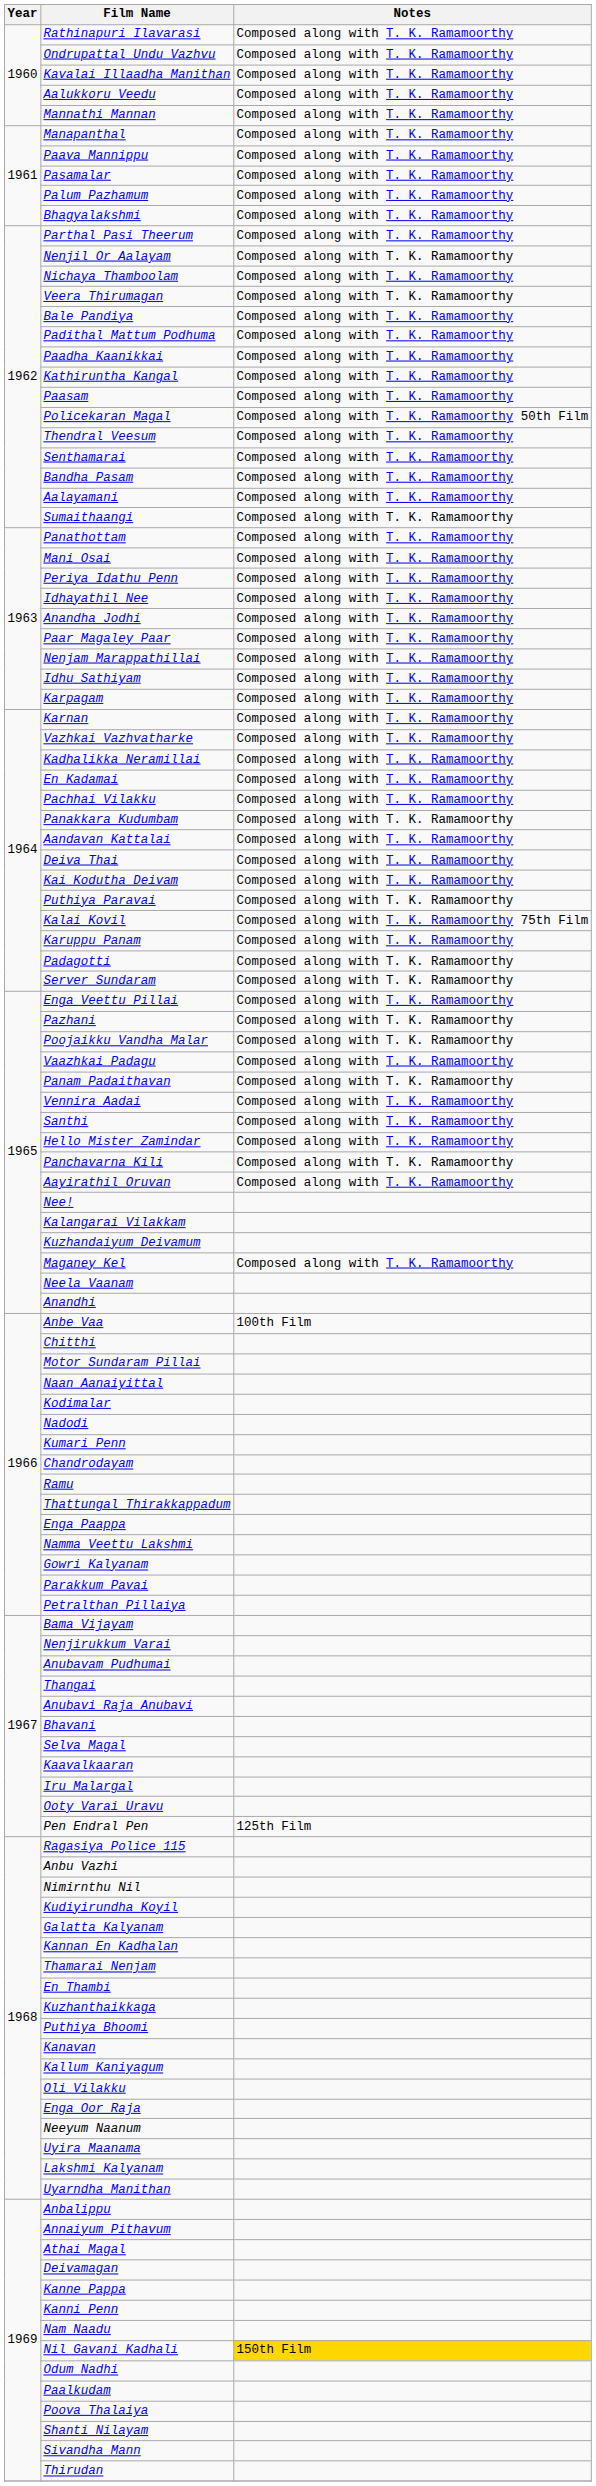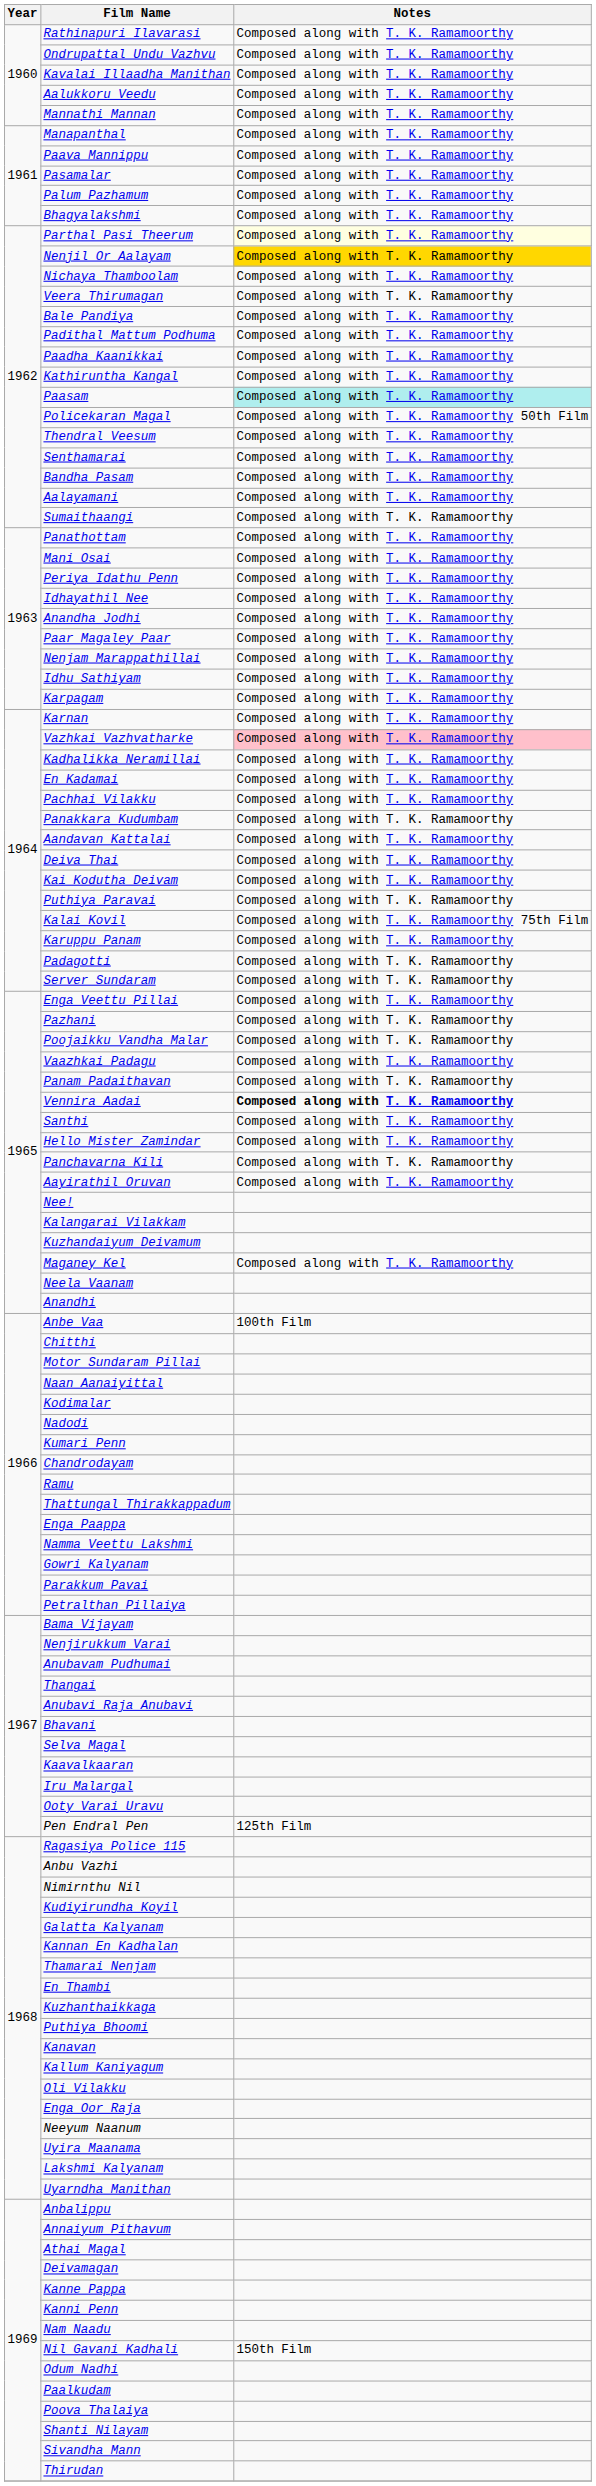 <table class="wikitable sortable" style="font-size:95%;">
 <tr>
 <th>Year</th>
 <th>Film Name</th>
 <th>Notes</th>
 </tr>
 <tr>
 <td rowspan="5">1960</td>
 <td><em><a href='#'>Rathinapuri Ilavarasi</a></em></td>
 <td>Composed along with <a href='#'>T. K. Ramamoorthy</a></td>
 </tr>
 <tr>
 <td><em><a href='#'>Ondrupattal Undu Vazhvu</a></em></td>
 <td>Composed along with <a href='#'>T. K. Ramamoorthy</a></td>
 </tr>
 <tr>
 <td><em><a href='#'>Kavalai Illaadha Manithan</a></em></td>
 <td>Composed along with <a href='#'>T. K. Ramamoorthy</a></td>
 </tr>
 <tr>
 <td><em><a href='#'>Aalukkoru Veedu</a></em></td>
 <td>Composed along with <a href='#'>T. K. Ramamoorthy</a></td>
 </tr>
 <tr>
 <td><em><a href='#'>Mannathi Mannan</a></em></td>
 <td>Composed along with <a href='#'>T. K. Ramamoorthy</a></td>
 </tr>
 <tr>
 <td rowspan="5">1961</td>
 <td><em><a href='#'>Manapanthal</a></em></td>
 <td>Composed along with <a href='#'>T. K. Ramamoorthy</a></td>
 </tr>
 <tr>
 <td><em><a href='#'>Paava Mannippu</a></em></td>
 <td>Composed along with <a href='#'>T. K. Ramamoorthy</a></td>
 </tr>
 <tr>
 <td><em><a href='#'>Pasamalar</a></em></td>
 <td>Composed along with <a href='#'>T. K. Ramamoorthy</a></td>
 </tr>
 <tr>
 <td><em><a href='#'>Palum Pazhamum</a></em></td>
 <td>Composed along with <a href='#'>T. K. Ramamoorthy</a></td>
 </tr>
 <tr>
 <td><em><a href='#'>Bhagyalakshmi</a></em></td>
 <td>Composed along with <a href='#'>T. K. Ramamoorthy</a></td>
 </tr>
 <tr>
 <td rowspan="15">1962</td>
 <td><em><a href='#'>Parthal Pasi Theerum</a></em></td>
-<td>Composed along with <a href='#'>T. K. Ramamoorthy</a></td>
+<td style="background: lightyellow;">Composed along with <a href='#'>T. K. Ramamoorthy</a></td>
 </tr>
 <tr>
 <td><em><a href='#'>Nenjil Or Aalayam</a></em></td>
-<td>Composed along with T. K. Ramamoorthy</td>
+<td style="background: gold;">Composed along with T. K. Ramamoorthy</td>
 </tr>
 <tr>
 <td><em><a href='#'>Nichaya Thamboolam</a></em></td>
 <td>Composed along with <a href='#'>T. K. Ramamoorthy</a></td>
 </tr>
 <tr>
 <td><em><a href='#'>Veera Thirumagan</a></em></td>
 <td>Composed along with T. K. Ramamoorthy</td>
 </tr>
 <tr>
 <td><em><a href='#'>Bale Pandiya</a></em></td>
 <td>Composed along with <a href='#'>T. K. Ramamoorthy</a><br></td>
 </tr>
 <tr>
 <td><em><a href='#'>Padithal Mattum Podhuma</a></em></td>
 <td>Composed along with <a href='#'>T. K. Ramamoorthy</a></td>
 </tr>
 <tr>
 <td><em><a href='#'>Paadha Kaanikkai</a></em></td>
 <td>Composed along with <a href='#'>T. K. Ramamoorthy</a></td>
 </tr>
 <tr>
 <td><em><a href='#'>Kathiruntha Kangal</a></em></td>
 <td>Composed along with <a href='#'>T. K. Ramamoorthy</a></td>
 </tr>
 <tr>
 <td><em><a href='#'>Paasam</a></em></td>
-<td>Composed along with <a href='#'>T. K. Ramamoorthy</a></td>
+<td style="background: paleturquoise;">Composed along with <a href='#'>T. K. Ramamoorthy</a></td>
 </tr>
 <tr>
 <td><em><a href='#'>Policekaran Magal</a></em></td>
 <td>Composed along with <a href='#'>T. K. Ramamoorthy</a>  50th Film</td>
 </tr>
 <tr>
 <td><em><a href='#'>Thendral Veesum</a></em></td>
 <td>Composed along with <a href='#'>T. K. Ramamoorthy</a></td>
 </tr>
 <tr>
 <td><em><a href='#'>Senthamarai</a></em></td>
 <td>Composed along with <a href='#'>T. K. Ramamoorthy</a></td>
 </tr>
 <tr>
 <td><em><a href='#'>Bandha Pasam</a></em></td>
 <td>Composed along with <a href='#'>T. K. Ramamoorthy</a></td>
 </tr>
 <tr>
 <td><em><a href='#'>Aalayamani</a></em></td>
 <td>Composed along with <a href='#'>T. K. Ramamoorthy</a></td>
 </tr>
 <tr>
 <td><em><a href='#'>Sumaithaangi</a></em></td>
 <td>Composed along with T. K. Ramamoorthy</td>
 </tr>
 <tr>
 <td rowspan="9">1963</td>
 <td><em><a href='#'>Panathottam</a></em></td>
 <td>Composed along with <a href='#'>T. K. Ramamoorthy</a></td>
 </tr>
 <tr>
 <td><em><a href='#'>Mani Osai</a></em></td>
 <td>Composed along with <a href='#'>T. K. Ramamoorthy</a></td>
 </tr>
 <tr>
 <td><em><a href='#'>Periya Idathu Penn</a></em></td>
 <td>Composed along with <a href='#'>T. K. Ramamoorthy</a></td>
 </tr>
 <tr>
 <td><em><a href='#'>Idhayathil Nee</a></em></td>
 <td>Composed along with <a href='#'>T. K. Ramamoorthy</a></td>
 </tr>
 <tr>
 <td><em><a href='#'>Anandha Jodhi</a></em></td>
 <td>Composed along with <a href='#'>T. K. Ramamoorthy</a></td>
 </tr>
 <tr>
 <td><em><a href='#'>Paar Magaley Paar</a></em></td>
 <td>Composed along with <a href='#'>T. K. Ramamoorthy</a></td>
 </tr>
 <tr>
 <td><em><a href='#'>Nenjam Marappathillai</a></em></td>
 <td>Composed along with <a href='#'>T. K. Ramamoorthy</a></td>
 </tr>
 <tr>
 <td><em><a href='#'>Idhu Sathiyam</a></em></td>
 <td>Composed along with <a href='#'>T. K. Ramamoorthy</a></td>
 </tr>
 <tr>
 <td><em><a href='#'>Karpagam</a></em></td>
 <td>Composed along with <a href='#'>T. K. Ramamoorthy</a></td>
 </tr>
 <tr>
 <td rowspan="14">1964</td>
 <td><em><a href='#'>Karnan</a></em></td>
 <td>Composed along with <a href='#'>T. K. Ramamoorthy</a></td>
 </tr>
 <tr>
 <td><em><a href='#'>Vazhkai Vazhvatharke</a></em></td>
-<td>Composed along with <a href='#'>T. K. Ramamoorthy</a></td>
+<td style="background: pink;">Composed along with <a href='#'>T. K. Ramamoorthy</a></td>
 </tr>
 <tr>
 <td><em><a href='#'>Kadhalikka Neramillai</a></em></td>
 <td>Composed along with <a href='#'>T. K. Ramamoorthy</a></td>
 </tr>
 <tr>
 <td><em><a href='#'>En Kadamai</a></em></td>
 <td>Composed along with <a href='#'>T. K. Ramamoorthy</a></td>
 </tr>
 <tr>
 <td><em><a href='#'>Pachhai Vilakku</a></em></td>
 <td>Composed along with <a href='#'>T. K. Ramamoorthy</a></td>
 </tr>
 <tr>
 <td><em><a href='#'>Panakkara Kudumbam</a></em></td>
 <td>Composed along with T. K. Ramamoorthy</td>
 </tr>
 <tr>
 <td><em><a href='#'>Aandavan Kattalai</a></em></td>
 <td>Composed along with <a href='#'>T. K. Ramamoorthy</a></td>
 </tr>
 <tr>
 <td><em><a href='#'>Deiva Thai</a></em></td>
 <td>Composed along with <a href='#'>T. K. Ramamoorthy</a></td>
 </tr>
 <tr>
 <td><em><a href='#'>Kai Kodutha Deivam</a></em></td>
 <td>Composed along with <a href='#'>T. K. Ramamoorthy</a></td>
 </tr>
 <tr>
 <td><em><a href='#'>Puthiya Paravai</a></em></td>
 <td>Composed along with T. K. Ramamoorthy</td>
 </tr>
 <tr>
 <td><em><a href='#'>Kalai Kovil</a></em></td>
 <td>Composed along with <a href='#'>T. K. Ramamoorthy</a>  75th Film</td>
 </tr>
 <tr>
 <td><em><a href='#'>Karuppu Panam</a></em></td>
 <td>Composed along with <a href='#'>T. K. Ramamoorthy</a></td>
 </tr>
 <tr>
 <td><em><a href='#'>Padagotti</a></em></td>
 <td>Composed along with T. K. Ramamoorthy</td>
 </tr>
 <tr>
 <td><em><a href='#'>Server Sundaram</a></em></td>
 <td>Composed along with T. K. Ramamoorthy</td>
 </tr>
 <tr>
 <td rowspan="16">1965</td>
 <td><em><a href='#'>Enga Veettu Pillai</a></em></td>
 <td>Composed along with <a href='#'>T. K. Ramamoorthy</a></td>
 </tr>
 <tr>
 <td><em><a href='#'>Pazhani</a></em></td>
 <td>Composed along with T. K. Ramamoorthy</td>
 </tr>
 <tr>
 <td><em><a href='#'>Poojaikku Vandha Malar</a></em></td>
 <td>Composed along with T. K. Ramamoorthy</td>
 </tr>
 <tr>
 <td><em><a href='#'>Vaazhkai Padagu</a></em></td>
 <td>Composed along with <a href='#'>T. K. Ramamoorthy</a></td>
 </tr>
 <tr>
 <td><em><a href='#'>Panam Padaithavan</a></em></td>
 <td>Composed along with T. K. Ramamoorthy</td>
 </tr>
 <tr>
 <td><em><a href='#'>Vennira Aadai</a></em></td>
-<td>Composed along with <a href='#'>T. K. Ramamoorthy</a></td>
+<td><strong>Composed along with <a href='#'>T. K. Ramamoorthy</a></strong></td>
 </tr>
 <tr>
 <td><em><a href='#'>Santhi</a></em></td>
 <td>Composed along with <a href='#'>T. K. Ramamoorthy</a></td>
 </tr>
 <tr>
 <td><em><a href='#'>Hello Mister Zamindar</a></em></td>
 <td>Composed along with <a href='#'>T. K. Ramamoorthy</a></td>
 </tr>
 <tr>
 <td><em><a href='#'>Panchavarna Kili</a></em></td>
 <td>Composed along with T. K. Ramamoorthy</td>
 </tr>
 <tr>
 <td><em><a href='#'>Aayirathil Oruvan</a></em></td>
 <td>Composed along with <a href='#'>T. K. Ramamoorthy</a></td>
 </tr>
 <tr>
 <td><em><a href='#'>Nee!</a></em></td>
 <td></td>
 </tr>
 <tr>
 <td><em><a href='#'>Kalangarai Vilakkam</a></em></td>
 <td></td>
 </tr>
 <tr>
 <td><em><a href='#'>Kuzhandaiyum Deivamum</a></em></td>
 <td></td>
 </tr>
 <tr>
 <td><em><a href='#'>Maganey Kel</a></em></td>
 <td>Composed along with <a href='#'>T. K. Ramamoorthy</a></td>
 </tr>
 <tr>
 <td><em><a href='#'>Neela Vaanam</a></em></td>
 <td></td>
 </tr>
 <tr>
 <td><em><a href='#'>Anandhi</a></em></td>
 <td></td>
 </tr>
 <tr>
 <td rowspan="15">1966</td>
 <td><em><a href='#'>Anbe Vaa</a></em></td>
 <td>100th Film</td>
 </tr>
 <tr>
 <td><em><a href='#'>Chitthi</a></em></td>
 <td></td>
 </tr>
 <tr>
 <td><em><a href='#'>Motor Sundaram Pillai</a></em></td>
 <td></td>
 </tr>
 <tr>
 <td><em><a href='#'>Naan Aanaiyittal</a></em></td>
 <td></td>
 </tr>
 <tr>
 <td><em><a href='#'>Kodimalar</a></em></td>
 <td></td>
 </tr>
 <tr>
 <td><em><a href='#'>Nadodi</a></em></td>
 <td></td>
 </tr>
 <tr>
 <td><em><a href='#'>Kumari Penn</a></em></td>
 <td></td>
 </tr>
 <tr>
 <td><em><a href='#'>Chandrodayam</a></em></td>
 <td></td>
 </tr>
 <tr>
 <td><em><a href='#'>Ramu</a></em></td>
 <td></td>
 </tr>
 <tr>
 <td><em><a href='#'>Thattungal Thirakkappadum</a></em></td>
 <td></td>
 </tr>
 <tr>
 <td><em><a href='#'>Enga Paappa</a></em></td>
 <td></td>
 </tr>
 <tr>
 <td><em><a href='#'>Namma Veettu Lakshmi</a></em></td>
 <td></td>
 </tr>
 <tr>
 <td><em><a href='#'>Gowri Kalyanam</a></em></td>
 <td></td>
 </tr>
 <tr>
 <td><em><a href='#'>Parakkum Pavai</a></em></td>
 <td></td>
 </tr>
 <tr>
 <td><em><a href='#'>Petralthan Pillaiya</a></em></td>
 <td></td>
 </tr>
 <tr>
 <td rowspan="11">1967</td>
 <td><em><a href='#'>Bama Vijayam</a></em></td>
 <td></td>
 </tr>
 <tr>
 <td><em><a href='#'>Nenjirukkum Varai</a></em></td>
 <td></td>
 </tr>
 <tr>
 <td><em><a href='#'>Anubavam Pudhumai</a></em></td>
 <td></td>
 </tr>
 <tr>
 <td><em><a href='#'>Thangai</a></em></td>
 <td></td>
 </tr>
 <tr>
 <td><em><a href='#'>Anubavi Raja Anubavi</a></em></td>
 <td></td>
 </tr>
 <tr>
 <td><em><a href='#'>Bhavani</a></em></td>
 <td></td>
 </tr>
 <tr>
 <td><em><a href='#'>Selva Magal</a></em></td>
 <td></td>
 </tr>
 <tr>
 <td><em><a href='#'>Kaavalkaaran</a></em></td>
 <td></td>
 </tr>
 <tr>
 <td><em><a href='#'>Iru Malargal</a></em></td>
 <td></td>
 </tr>
 <tr>
 <td><em><a href='#'>Ooty Varai Uravu</a></em></td>
 <td></td>
 </tr>
 <tr>
 <td><em>Pen Endral Pen</em></td>
 <td>125th Film</td>
 </tr>
 <tr>
 <td rowspan="18">1968</td>
 <td><em><a href='#'>Ragasiya Police 115</a></em></td>
 <td></td>
 </tr>
 <tr>
 <td><em>Anbu Vazhi</em></td>
 <td></td>
 </tr>
 <tr>
 <td><em>Nimirnthu Nil</em></td>
 <td></td>
 </tr>
 <tr>
 <td><em><a href='#'>Kudiyirundha Koyil</a></em></td>
 <td></td>
 </tr>
 <tr>
 <td><em><a href='#'>Galatta Kalyanam</a></em></td>
 <td></td>
 </tr>
 <tr>
 <td><em><a href='#'>Kannan En Kadhalan</a></em></td>
 <td></td>
 </tr>
 <tr>
 <td><em><a href='#'>Thamarai Nenjam</a></em></td>
 <td></td>
 </tr>
 <tr>
 <td><em><a href='#'>En Thambi</a></em></td>
 <td></td>
 </tr>
 <tr>
 <td><em><a href='#'>Kuzhanthaikkaga</a></em></td>
 <td></td>
 </tr>
 <tr>
 <td><em><a href='#'>Puthiya Bhoomi</a></em></td>
 <td></td>
 </tr>
 <tr>
 <td><em><a href='#'>Kanavan</a></em></td>
 <td></td>
 </tr>
 <tr>
 <td><em><a href='#'>Kallum Kaniyagum</a></em></td>
 <td></td>
 </tr>
 <tr>
 <td><em><a href='#'>Oli Vilakku</a></em></td>
 <td></td>
 </tr>
 <tr>
 <td><em><a href='#'>Enga Oor Raja</a></em></td>
 <td></td>
 </tr>
 <tr>
 <td><em>Neeyum Naanum</em></td>
 <td></td>
 </tr>
 <tr>
 <td><em><a href='#'>Uyira Maanama</a></em></td>
 <td></td>
 </tr>
 <tr>
 <td><em><a href='#'>Lakshmi Kalyanam</a></em></td>
 <td></td>
 </tr>
 <tr>
 <td><em><a href='#'>Uyarndha Manithan</a></em></td>
 <td></td>
 </tr>
 <tr>
 <td rowspan="14">1969</td>
 <td><em><a href='#'>Anbalippu</a></em></td>
 <td></td>
 </tr>
 <tr>
 <td><em><a href='#'>Annaiyum Pithavum</a></em></td>
 <td></td>
 </tr>
 <tr>
 <td><em><a href='#'>Athai Magal</a></em></td>
 <td></td>
 </tr>
 <tr>
 <td><em><a href='#'>Deivamagan</a></em></td>
 <td></td>
 </tr>
 <tr>
 <td><em><a href='#'>Kanne Pappa</a></em></td>
 <td></td>
 </tr>
 <tr>
 <td><em><a href='#'>Kanni Penn</a></em></td>
 <td></td>
 </tr>
 <tr>
 <td><em><a href='#'>Nam Naadu</a></em></td>
 <td></td>
 </tr>
 <tr>
 <td><em><a href='#'>Nil Gavani Kadhali</a></em></td>
-<td style="background: gold;">150th Film</td>
+<td>150th Film</td>
 </tr>
 <tr>
 <td><em><a href='#'>Odum Nadhi</a></em></td>
 <td></td>
 </tr>
 <tr>
 <td><em><a href='#'>Paalkudam</a></em></td>
 <td></td>
 </tr>
 <tr>
 <td><em><a href='#'>Poova Thalaiya</a></em></td>
 <td></td>
 </tr>
 <tr>
 <td><em><a href='#'>Shanti Nilayam</a></em></td>
 <td></td>
 </tr>
 <tr>
 <td><em><a href='#'>Sivandha Mann</a></em></td>
 <td></td>
 </tr>
 <tr>
 <td><em><a href='#'>Thirudan</a></em></td>
 <td></td>
 </tr>
 <tr>
 </tr>
 </table>
